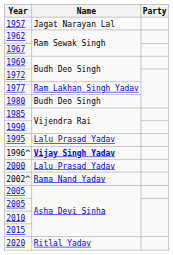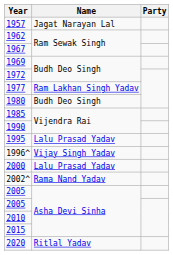 <table class="wikitable sortable">
 <tr>
 <th>Year</th>
 <th>Name</th>
 <th colspan="2">Party</th>
 </tr>
 <tr>
 <td><a href='#'>1957</a></td>
 <td>Jagat Narayan Lal</td>
 <td></td>
 </tr>
 <tr>
 <td><a href='#'>1962</a></td>
 <td rowspan="2">Ram Sewak Singh</td>
 <td></td>
 </tr>
 <tr>
 <td><a href='#'>1967</a></td>
 <td></td>
 </tr>
 <tr>
 <td><a href='#'>1969</a></td>
 <td rowspan="2">Budh Deo Singh</td>
 <td></td>
 </tr>
 <tr>
 <td><a href='#'>1972</a></td>
 </tr>
 <tr>
 <td><a href='#'>1977</a></td>
 <td><a href='#'>Ram Lakhan Singh Yadav</a></td>
 </tr>
 <tr>
 <td><a href='#'>1980</a></td>
 <td>Budh Deo Singh</td>
 </tr>
 <tr>
 <td><a href='#'>1985</a></td>
 <td rowspan="2">Vijendra Rai</td>
 <td></td>
 </tr>
 <tr>
 <td><a href='#'>1990</a></td>
 <td></td>
 </tr>
 <tr>
 <td><a href='#'>1995</a></td>
 <td><a href='#'>Lalu Prasad Yadav</a></td>
 </tr>
 <tr>
 <td>1996^</td>
-<td><strong><a href='#'>Vijay Singh Yadav</a></strong></td>
+<td><a href='#'>Vijay Singh Yadav</a></td>
 <td></td>
 </tr>
 <tr>
 <td><a href='#'>2000</a></td>
 <td><a href='#'>Lalu Prasad Yadav</a></td>
 <td></td>
 </tr>
 <tr>
 <td>2002^</td>
 <td><a href='#'>Rama Nand Yadav</a></td>
 </tr>
 <tr>
 <td><a href='#'>2005</a></td>
 <td rowspan="4"><a href='#'>Asha Devi Sinha</a></td>
 <td></td>
 </tr>
 <tr>
 <td><a href='#'>2005</a></td>
 </tr>
 <tr>
 <td><a href='#'>2010</a></td>
 </tr>
 <tr>
 <td><a href='#'>2015</a></td>
 </tr>
 <tr>
-<td style="background: lightyellow;"><a href='#'>2020</a></td>
+<td><a href='#'>2020</a></td>
 <td><a href='#'>Ritlal Yadav</a></td>
 <td></td>
 </tr>
 </table>
